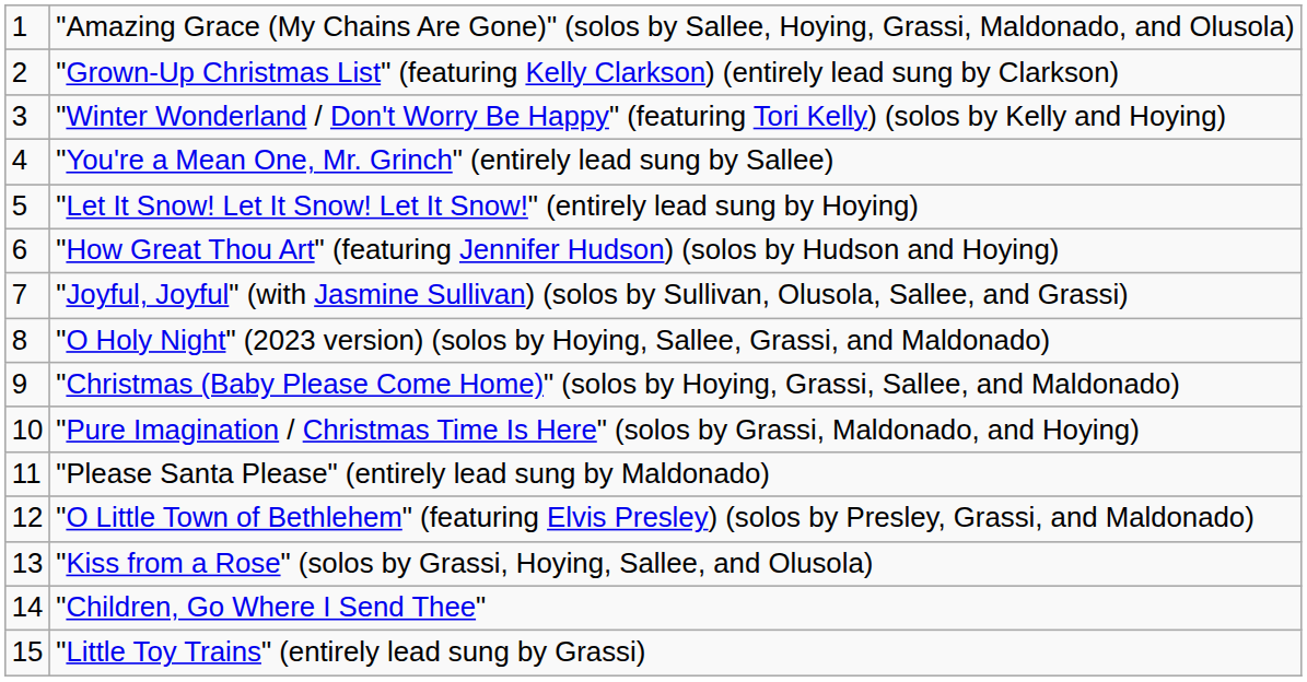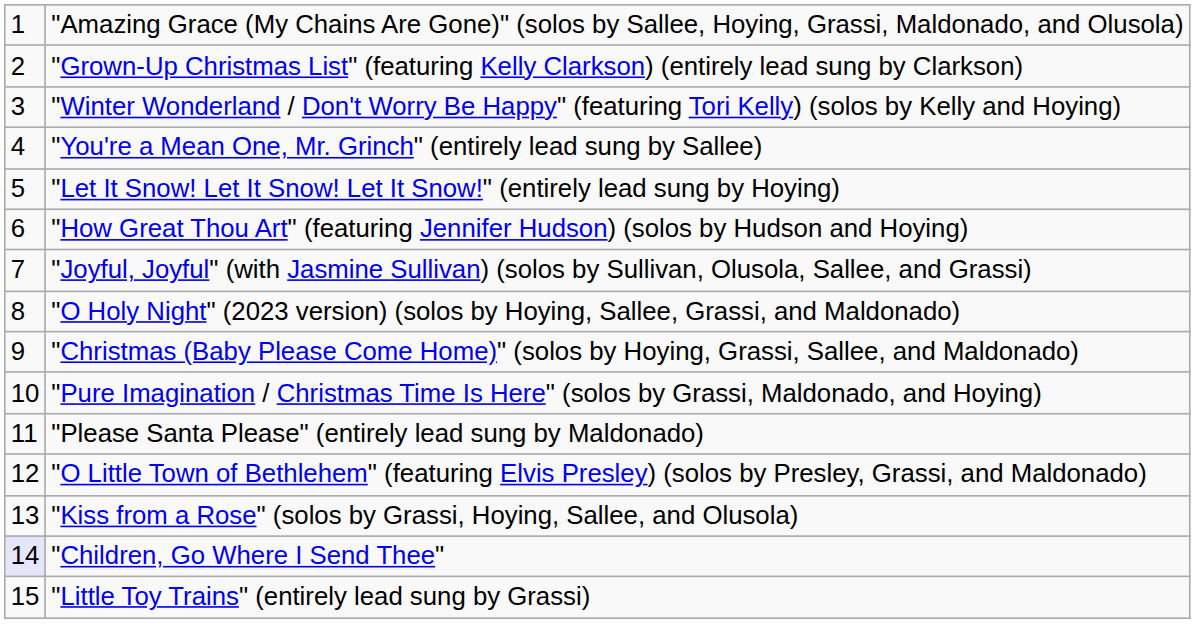 <table class="wikitable">
 <tr>
 <td>1</td>
 <td>"Amazing Grace (My Chains Are Gone)" (solos by Sallee, Hoying, Grassi, Maldonado, and Olusola)</td>
 </tr>
 <tr>
 <td>2</td>
 <td>"<a href='#'>Grown-Up Christmas List</a>" (featuring <a href='#'>Kelly Clarkson</a>) (entirely lead sung by Clarkson)</td>
 </tr>
 <tr>
 <td>3</td>
 <td>"<a href='#'>Winter Wonderland</a> / <a href='#'>Don't Worry Be Happy</a>" (featuring <a href='#'>Tori Kelly</a>) (solos by Kelly and Hoying)</td>
 </tr>
 <tr>
 <td>4</td>
 <td>"<a href='#'>You're a Mean One, Mr. Grinch</a>" (entirely lead sung by Sallee)</td>
 </tr>
 <tr>
 <td>5</td>
 <td>"<a href='#'>Let It Snow! Let It Snow! Let It Snow!</a>" (entirely lead sung by Hoying)</td>
 </tr>
 <tr>
 <td>6</td>
 <td>"<a href='#'>How Great Thou Art</a>" (featuring <a href='#'>Jennifer Hudson</a>) (solos by Hudson and Hoying)</td>
 </tr>
 <tr>
 <td>7</td>
 <td>"<a href='#'>Joyful, Joyful</a>" (with <a href='#'>Jasmine Sullivan</a>) (solos by Sullivan, Olusola, Sallee, and Grassi)</td>
 </tr>
 <tr>
 <td>8</td>
 <td>"<a href='#'>O Holy Night</a>" (2023 version) (solos by Hoying, Sallee, Grassi, and Maldonado)</td>
 </tr>
 <tr>
 <td>9</td>
 <td>"<a href='#'>Christmas (Baby Please Come Home)</a>" (solos by Hoying, Grassi, Sallee, and Maldonado)</td>
 </tr>
 <tr>
 <td>10</td>
 <td>"<a href='#'>Pure Imagination</a> / <a href='#'>Christmas Time Is Here</a>" (solos by Grassi, Maldonado, and Hoying)</td>
 </tr>
 <tr>
 <td>11</td>
 <td>"Please Santa Please" (entirely lead sung by Maldonado)</td>
 </tr>
 <tr>
 <td>12</td>
 <td>"<a href='#'>O Little Town of Bethlehem</a>" (featuring <a href='#'>Elvis Presley</a>) (solos by Presley, Grassi, and Maldonado)</td>
 </tr>
 <tr>
 <td>13</td>
 <td>"<a href='#'>Kiss from a Rose</a>" (solos by Grassi, Hoying, Sallee, and Olusola)</td>
 </tr>
 <tr>
-<td>14</td>
+<td style="background: lavender;">14</td>
 <td>"<a href='#'>Children, Go Where I Send Thee</a>"</td>
 </tr>
 <tr>
 <td>15</td>
 <td>"<a href='#'>Little Toy Trains</a>" (entirely lead sung by Grassi)</td>
 </tr>
 </table>
